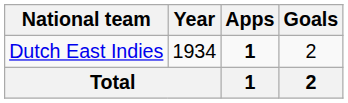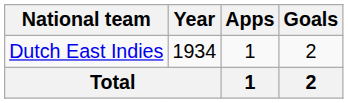 <table class=wikitable style=text-align:center>
 <tr>
 <th>National team</th>
 <th>Year</th>
 <th>Apps</th>
 <th>Goals</th>
 </tr>
 <tr>
 <td rowspan="1"><a href='#'>Dutch East Indies</a></td>
 <td>1934</td>
-<td><strong>1</strong></td>
+<td>1</td>
 <td>2</td>
 </tr>
 <tr>
 <th colspan="2">Total</th>
 <th>1</th>
 <th>2</th>
 </tr>
 </table>
